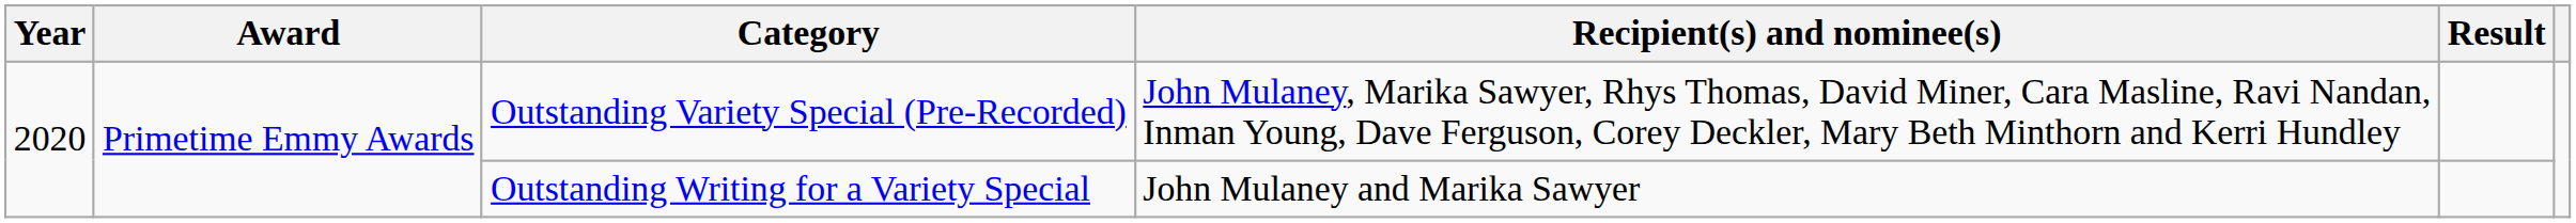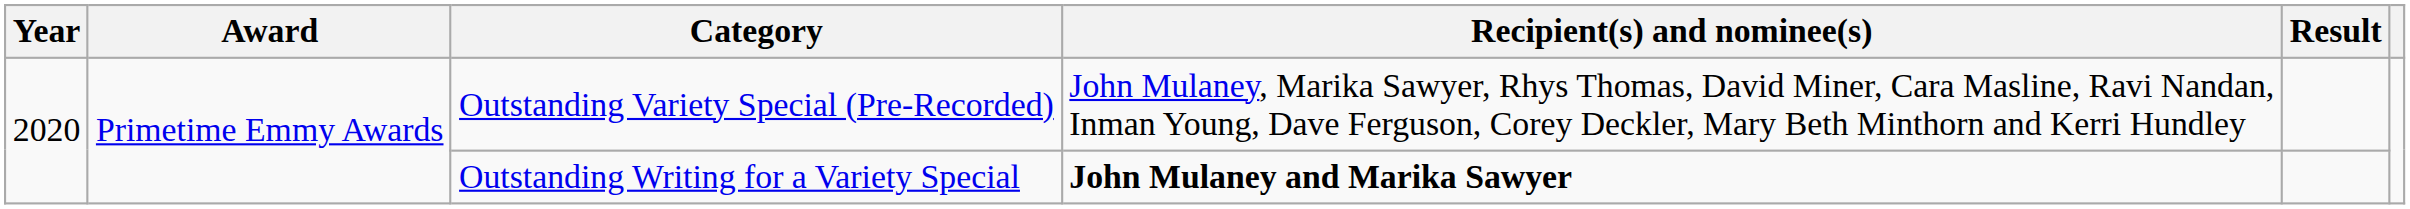 <table class="wikitable">
 <tr>
 <th>Year</th>
 <th>Award</th>
 <th>Category</th>
 <th>Recipient(s) and nominee(s)</th>
 <th>Result</th>
 <th class="unsortable"></th>
 </tr>
 <tr>
 <td rowspan="2">2020</td>
 <td rowspan="2"><a href='#'>Primetime Emmy Awards</a></td>
 <td><a href='#'>Outstanding Variety Special (Pre-Recorded)</a></td>
 <td><a href='#'>John Mulaney</a>, Marika Sawyer, Rhys Thomas, David Miner, Cara Masline, Ravi Nandan, <br> Inman Young, Dave Ferguson, Corey Deckler, Mary Beth Minthorn and Kerri Hundley</td>
 <td></td>
 <td rowspan="2" style="text-align:center;"></td>
 </tr>
 <tr>
 <td><a href='#'>Outstanding Writing for a Variety Special</a></td>
-<td>John Mulaney and Marika Sawyer</td>
+<td><strong>John Mulaney and Marika Sawyer</strong></td>
 <td></td>
 </tr>
 </table>
